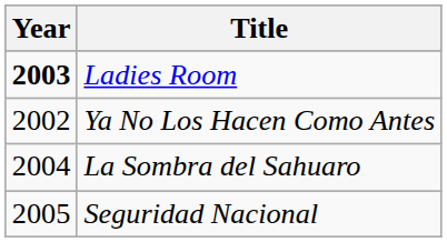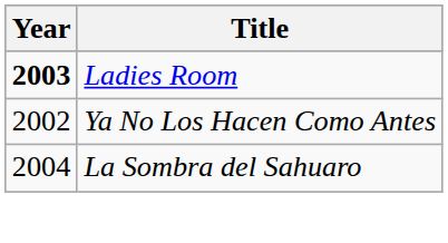 <table class="wikitable">
 <tr style="background:#b0c4de;">
 <th>Year</th>
 <th>Title</th>
 </tr>
 <tr>
 <td><strong>2003</strong></td>
 <td><em><a href='#'>Ladies Room</a></em></td>
 </tr>
 <tr>
 <td>2002</td>
 <td><em>Ya No Los Hacen Como Antes</em></td>
 </tr>
 <tr>
 <td>2004</td>
 <td><em>La Sombra del Sahuaro</em></td>
 </tr>
-<tr>
-<td>2005</td>
-<td><em>Seguridad Nacional</em></td>
-</tr>
 </table>
